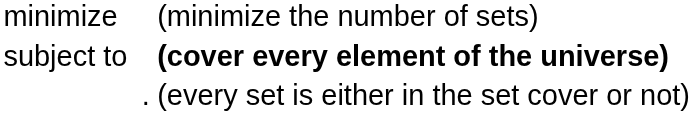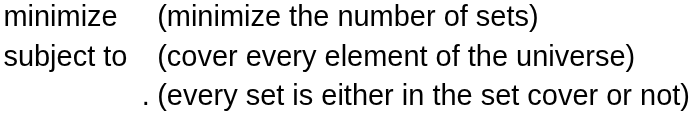 <table>
 <tr>
 <td>minimize</td>
 <td></td>
 <td></td>
 <td>(minimize the number of sets)</td>
 </tr>
 <tr>
 <td>subject to</td>
 <td></td>
 <td></td>
-<td><strong>(cover every element of the universe)</strong></td>
+<td>(cover every element of the universe)</td>
 </tr>
 <tr>
 <td></td>
 <td></td>
 <td>.</td>
 <td>(every set is either in the set cover or not)</td>
 </tr>
 </table>
